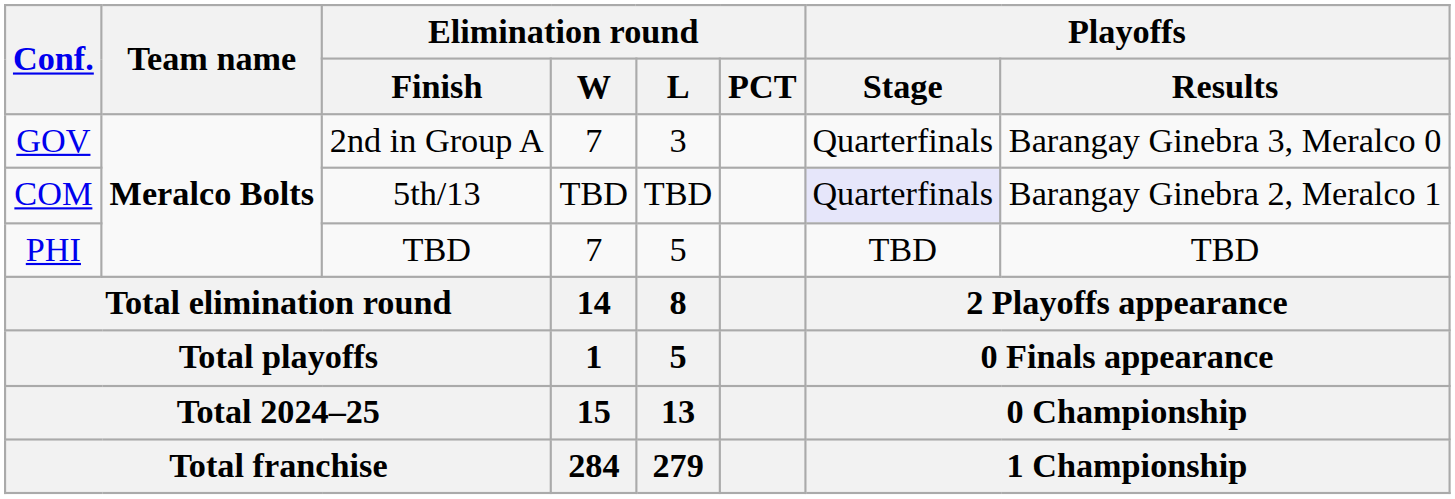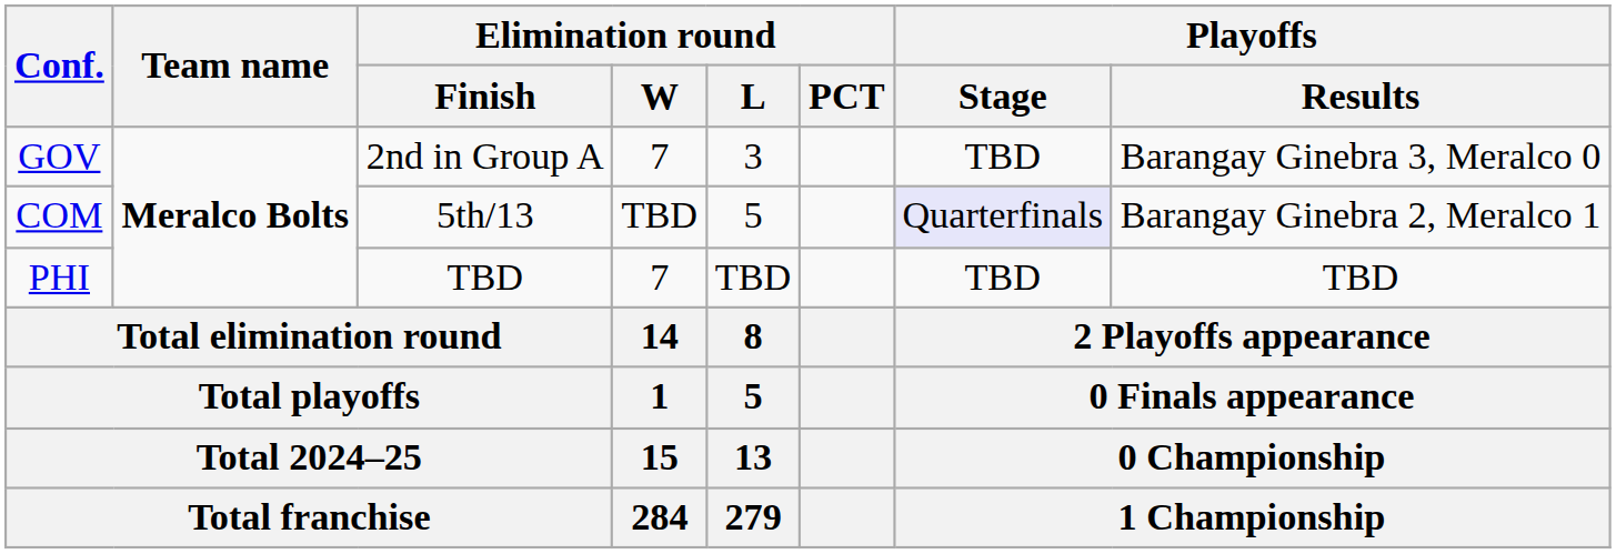 <table class=wikitable style="text-align:center;">
 <tr>
 <th rowspan="2"><a href='#'>Conf.</a></th>
 <th rowspan="2">Team name</th>
 <th colspan=4>Elimination round</th>
 <th colspan=2>Playoffs</th>
 </tr>
 <tr>
 <th>Finish</th>
 <th>W</th>
 <th>L</th>
 <th>PCT</th>
 <th>Stage</th>
 <th>Results</th>
 </tr>
 <tr>
 <td><a href='#'>GOV</a></td>
 <td rowspan=3><strong>Meralco Bolts</strong></td>
 <td>2nd in Group A</td>
 <td>7</td>
 <td>3</td>
 <td></td>
-<td>Quarterfinals</td>
+<td>TBD</td>
 <td>Barangay Ginebra 3, Meralco 0</td>
 </tr>
 <tr>
 <td><a href='#'>COM</a></td>
 <td>5th/13</td>
 <td>TBD</td>
-<td>TBD</td>
+<td>5</td>
 <td></td>
 <td style="background: lavender;">Quarterfinals</td>
 <td>Barangay Ginebra 2, Meralco 1</td>
 </tr>
 <tr>
 <td><a href='#'>PHI</a></td>
 <td>TBD</td>
 <td>7</td>
-<td>5</td>
+<td>TBD</td>
 <td></td>
 <td>TBD</td>
 <td>TBD</td>
 </tr>
 <tr>
 <th colspan=3>Total elimination round</th>
 <th>14</th>
 <th>8</th>
 <th></th>
 <th colspan=2>2 Playoffs appearance</th>
 </tr>
 <tr>
 <th colspan=3>Total playoffs</th>
 <th>1</th>
 <th>5</th>
 <th></th>
 <th colspan=2>0 Finals appearance</th>
 </tr>
 <tr>
 <th colspan=3>Total 2024–25</th>
 <th>15</th>
 <th>13</th>
 <th></th>
 <th colspan=2>0 Championship</th>
 </tr>
 <tr>
 <th colspan=3>Total franchise</th>
 <th>284</th>
 <th>279</th>
 <th></th>
 <th colspan=2>1 Championship</th>
 </tr>
 </table>
